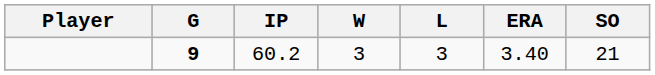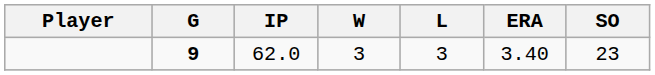 <table class="wikitable sortable">
 <tr>
 <th bgcolor="#DDDDFF" width="16%">Player</th>
 <th bgcolor="#DDDDFF" width="9%">G</th>
 <th bgcolor="#DDDDFF" width="9%">IP</th>
 <th bgcolor="#DDDDFF" width="9%">W</th>
 <th bgcolor="#DDDDFF" width="9%">L</th>
 <th bgcolor="#DDDDFF" width="9%">ERA</th>
 <th bgcolor="#DDDDFF" width="9%">SO</th>
 </tr>
 <tr align="center">
 <td></td>
 <td><strong>9</strong></td>
-<td>60.2</td>
+<td>62.0</td>
 <td>3</td>
 <td>3</td>
 <td>3.40</td>
-<td>21</td>
+<td>23</td>
 </tr>
 </table>
